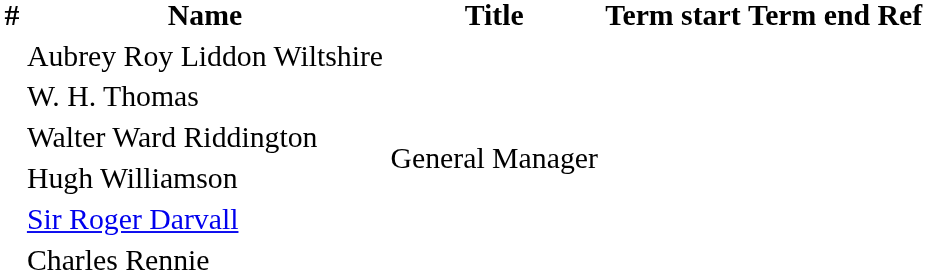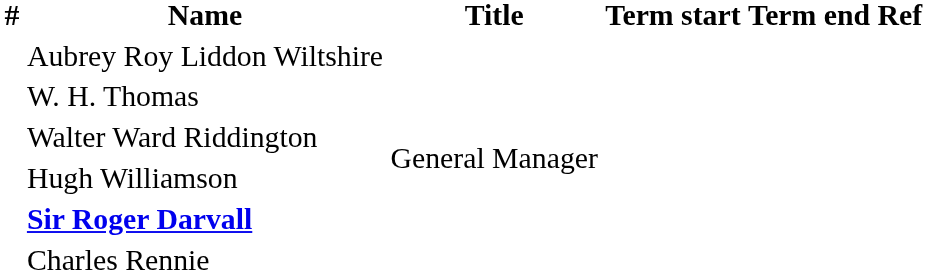 <table>
 <tr>
 <th>#</th>
 <th>Name</th>
 <th>Title</th>
 <th>Term start</th>
 <th>Term end</th>
 <th>Ref</th>
 </tr>
 <tr>
 <td rowspan=2></td>
 <td>Aubrey Roy Liddon Wiltshire </td>
 <td rowspan=6>General Manager</td>
 <td rowspan=2 align=center></td>
 <td align=center></td>
 <td align=right></td>
 </tr>
 <tr>
 <td>W. H. Thomas</td>
 <td align=center></td>
 <td align=right></td>
 </tr>
 <tr>
 <td></td>
 <td>Walter Ward Riddington</td>
 <td align=center></td>
 <td align=center></td>
 <td align=right></td>
 </tr>
 <tr>
 <td></td>
 <td>Hugh Williamson </td>
 <td align=center></td>
 <td align=center></td>
 <td align=right></td>
 </tr>
 <tr>
 <td></td>
-<td><a href='#'>Sir Roger Darvall</a> </td>
+<td><strong><a href='#'>Sir Roger Darvall</a> </strong></td>
 <td align=center></td>
 <td align=center></td>
 <td align=right></td>
 </tr>
 <tr>
 <td></td>
 <td>Charles Rennie </td>
 <td align=center></td>
 <td align=center></td>
 <td align=right></td>
 </tr>
 </table>
